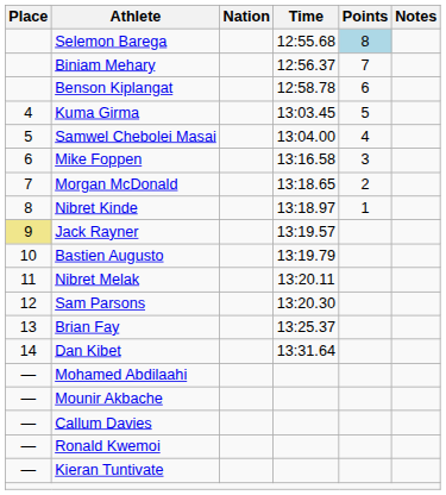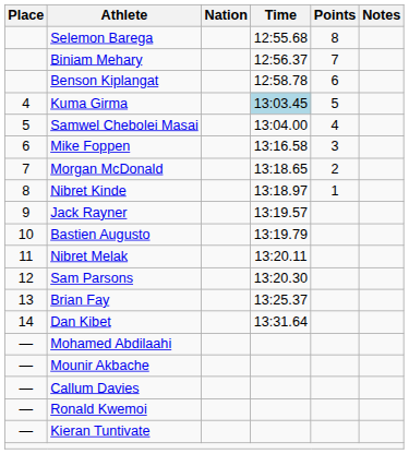 <table class="wikitable mw-datatable sortable" style="text-align:center;">
 <tr>
 <th scope="col">Place</th>
 <th scope="col">Athlete</th>
 <th scope="col">Nation</th>
 <th scope="col">Time</th>
 <th scope="col">Points</th>
 <th scope="col">Notes</th>
 </tr>
 <tr>
 <td></td>
 <td align="left"><a href='#'>Selemon Barega</a></td>
 <td align="left"></td>
 <td>12:55.68</td>
-<td style="background: lightblue;">8</td>
+<td>8</td>
 <td></td>
 </tr>
 <tr>
 <td></td>
 <td align="left"><a href='#'>Biniam Mehary</a></td>
 <td align="left"></td>
 <td>12:56.37</td>
 <td>7</td>
 <td></td>
 </tr>
 <tr>
 <td></td>
 <td align="left"><a href='#'>Benson Kiplangat</a></td>
 <td align="left"></td>
 <td>12:58.78</td>
 <td>6</td>
 <td></td>
 </tr>
 <tr>
 <td>4</td>
 <td align="left"><a href='#'>Kuma Girma</a></td>
 <td align="left"></td>
-<td>13:03.45</td>
+<td style="background: lightblue;">13:03.45</td>
 <td>5</td>
 <td></td>
 </tr>
 <tr>
 <td>5</td>
 <td align="left"><a href='#'>Samwel Chebolei Masai</a></td>
 <td align="left"></td>
 <td>13:04.00</td>
 <td>4</td>
 <td></td>
 </tr>
 <tr>
 <td>6</td>
 <td align="left"><a href='#'>Mike Foppen</a></td>
 <td align="left"></td>
 <td>13:16.58</td>
 <td>3</td>
 <td></td>
 </tr>
 <tr>
 <td>7</td>
 <td align="left"><a href='#'>Morgan McDonald</a></td>
 <td align="left"></td>
 <td>13:18.65</td>
 <td>2</td>
 <td></td>
 </tr>
 <tr>
 <td>8</td>
 <td align="left"><a href='#'>Nibret Kinde</a></td>
 <td align="left"></td>
 <td>13:18.97</td>
 <td>1</td>
 <td></td>
 </tr>
 <tr>
-<td style="background: khaki;">9</td>
+<td>9</td>
 <td align="left"><a href='#'>Jack Rayner</a></td>
 <td align="left"></td>
 <td>13:19.57</td>
 <td></td>
 <td></td>
 </tr>
 <tr>
 <td>10</td>
 <td align="left"><a href='#'>Bastien Augusto</a></td>
 <td align="left"></td>
 <td>13:19.79</td>
 <td></td>
 <td></td>
 </tr>
 <tr>
 <td>11</td>
 <td align="left"><a href='#'>Nibret Melak</a></td>
 <td align="left"></td>
 <td>13:20.11</td>
 <td></td>
 <td></td>
 </tr>
 <tr>
 <td>12</td>
 <td align="left"><a href='#'>Sam Parsons</a></td>
 <td align="left"></td>
 <td>13:20.30</td>
 <td></td>
 <td></td>
 </tr>
 <tr>
 <td>13</td>
 <td align="left"><a href='#'>Brian Fay</a></td>
 <td align="left"></td>
 <td>13:25.37</td>
 <td></td>
 <td></td>
 </tr>
 <tr>
 <td>14</td>
 <td align="left"><a href='#'>Dan Kibet</a></td>
 <td align="left"></td>
 <td>13:31.64</td>
 <td></td>
 <td></td>
 </tr>
 <tr>
 <td>—</td>
 <td align="left"><a href='#'>Mohamed Abdilaahi</a></td>
 <td align="left"></td>
 <td></td>
 <td></td>
 <td></td>
 </tr>
 <tr>
 <td>—</td>
 <td align="left"><a href='#'>Mounir Akbache</a></td>
 <td align="left"></td>
 <td></td>
 <td></td>
 <td></td>
 </tr>
 <tr>
 <td>—</td>
 <td align="left"><a href='#'>Callum Davies</a></td>
 <td align="left"></td>
 <td></td>
 <td></td>
 <td></td>
 </tr>
 <tr>
 <td>—</td>
 <td align="left"><a href='#'>Ronald Kwemoi</a></td>
 <td align="left"></td>
 <td></td>
 <td></td>
 <td></td>
 </tr>
 <tr>
 <td>—</td>
 <td align="left"><a href='#'>Kieran Tuntivate</a></td>
 <td align="left"></td>
 <td></td>
 <td></td>
 <td></td>
 </tr>
 <tr class="sortbottom">
 <td colspan="6"></td>
 </tr>
 </table>
